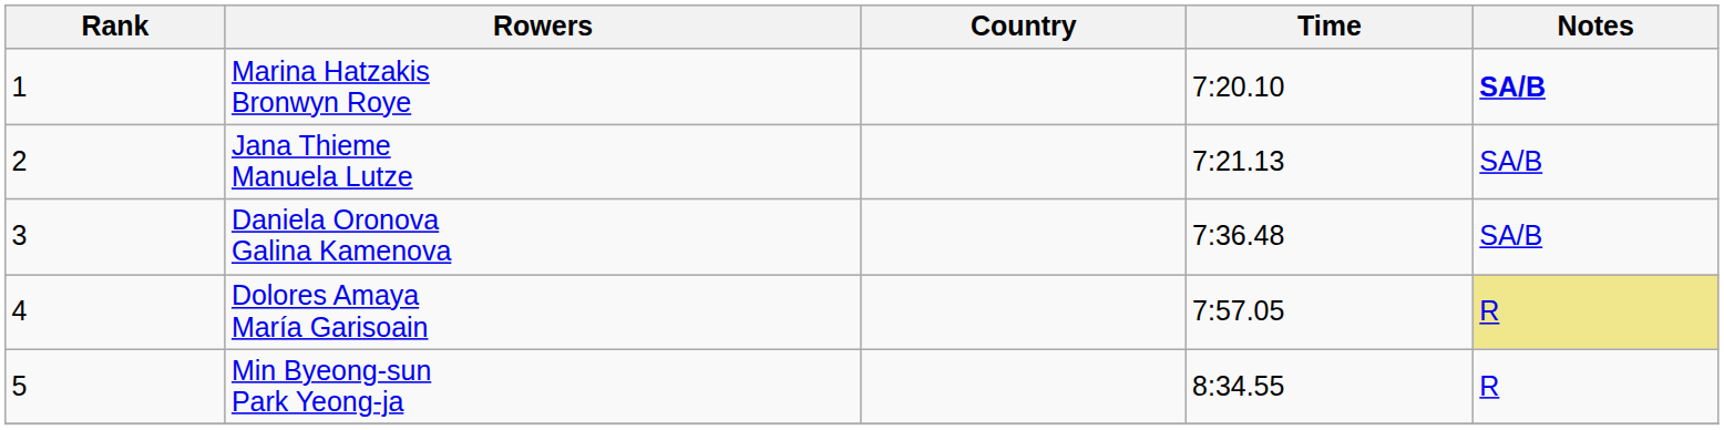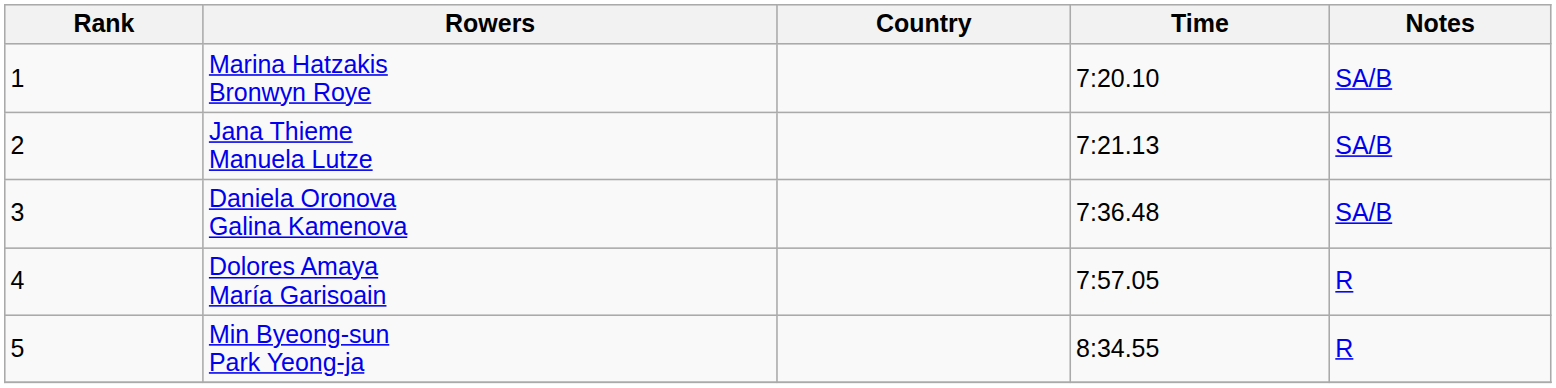 <table class="wikitable" width=50%>
 <tr>
 <th>Rank</th>
 <th>Rowers</th>
 <th>Country</th>
 <th>Time</th>
 <th>Notes</th>
 </tr>
 <tr>
 <td>1</td>
 <td><a href='#'>Marina Hatzakis</a><br><a href='#'>Bronwyn Roye</a></td>
 <td></td>
 <td>7:20.10</td>
-<td><strong><a href='#'>SA/B</a></strong></td>
+<td><a href='#'>SA/B</a></td>
 </tr>
 <tr>
 <td>2</td>
 <td><a href='#'>Jana Thieme</a><br><a href='#'>Manuela Lutze</a></td>
 <td></td>
 <td>7:21.13</td>
 <td><a href='#'>SA/B</a></td>
 </tr>
 <tr>
 <td>3</td>
 <td><a href='#'>Daniela Oronova</a><br><a href='#'>Galina Kamenova</a></td>
 <td></td>
 <td>7:36.48</td>
 <td><a href='#'>SA/B</a></td>
 </tr>
 <tr>
 <td>4</td>
 <td><a href='#'>Dolores Amaya</a><br><a href='#'>María Garisoain</a></td>
 <td></td>
 <td>7:57.05</td>
-<td style="background: khaki;"><a href='#'>R</a></td>
+<td><a href='#'>R</a></td>
 </tr>
 <tr>
 <td>5</td>
 <td><a href='#'>Min Byeong-sun</a><br><a href='#'>Park Yeong-ja</a></td>
 <td></td>
 <td>8:34.55</td>
 <td><a href='#'>R</a></td>
 </tr>
 <tr>
 </tr>
 </table>
